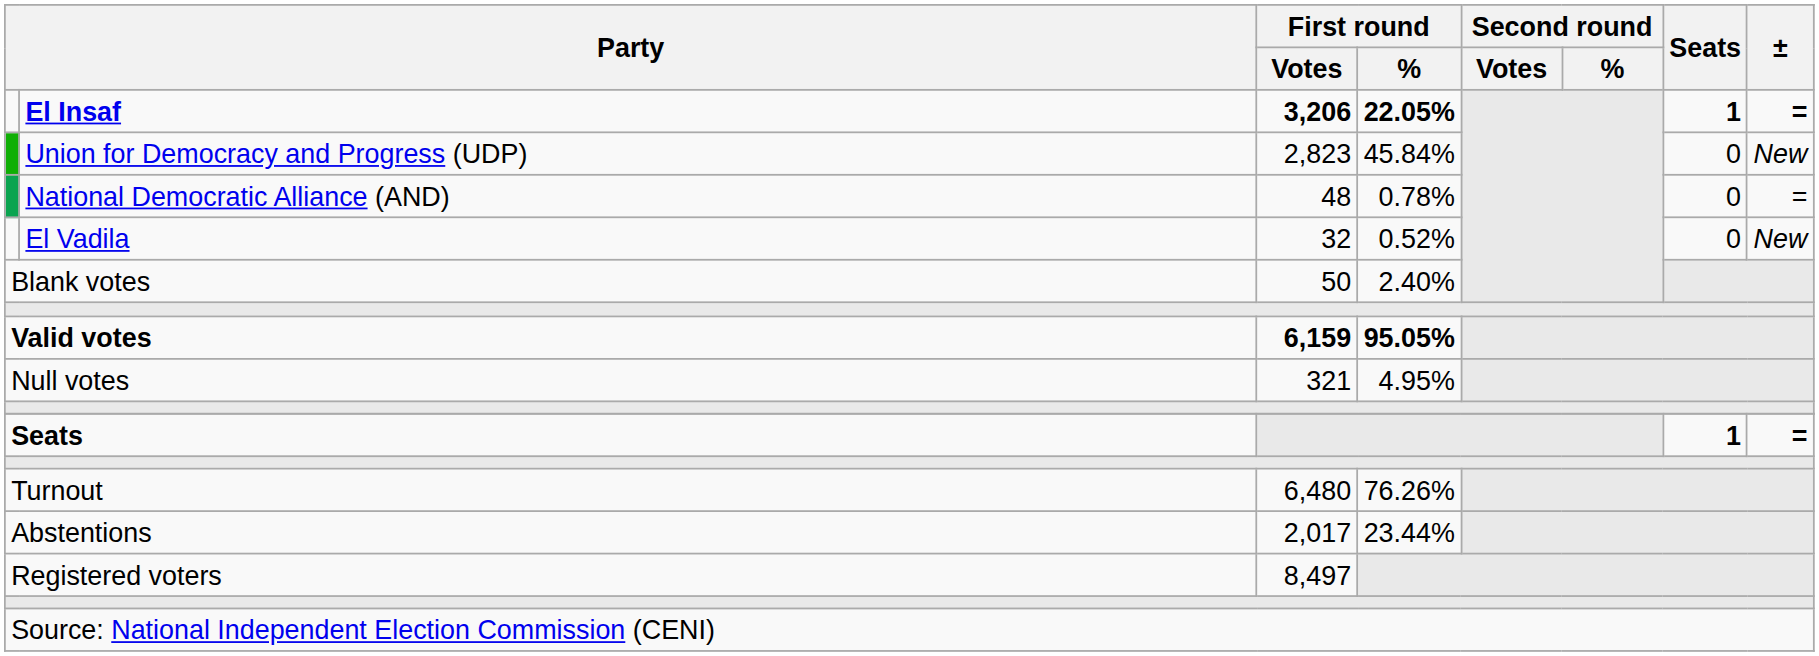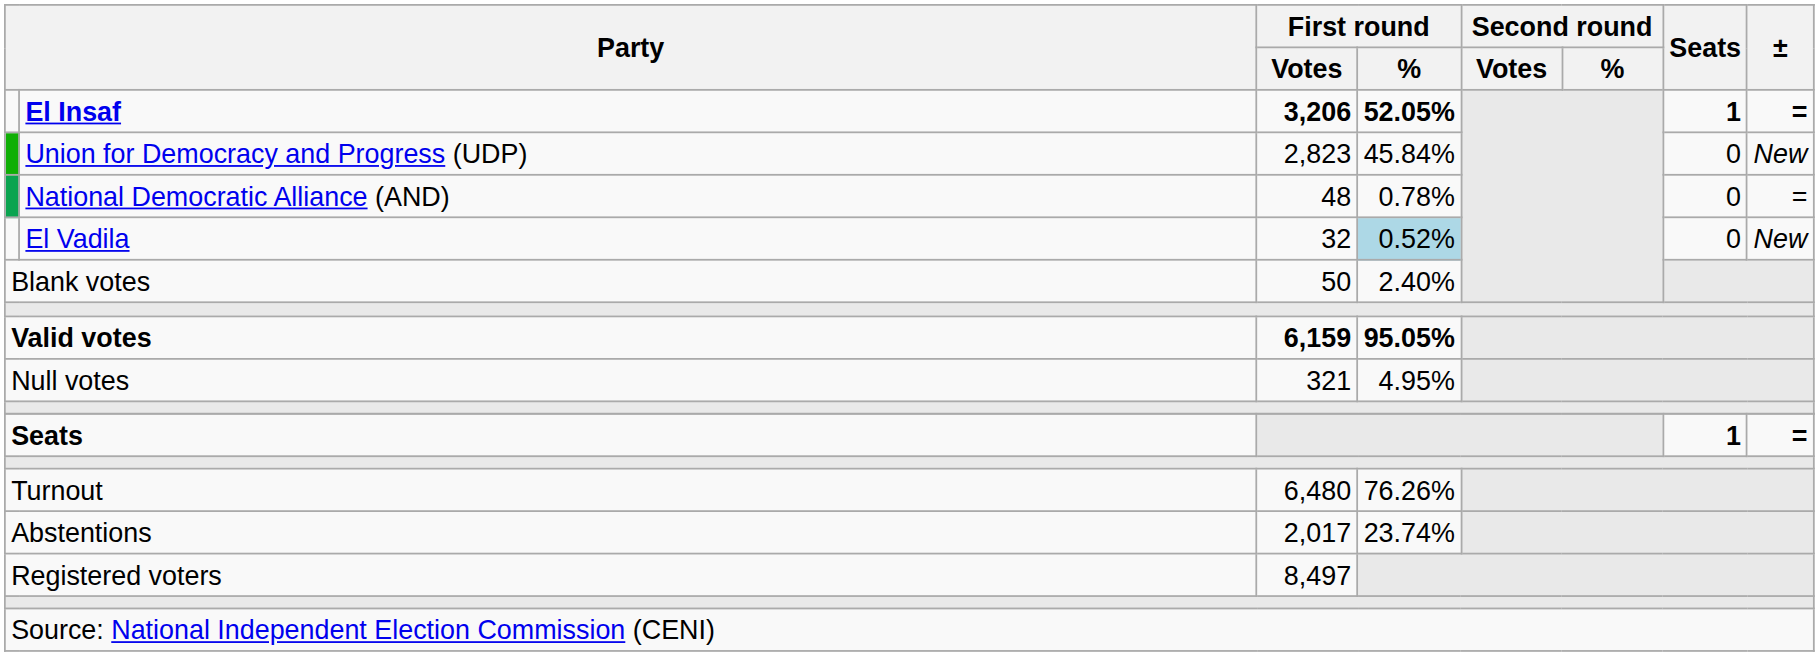 <table class="wikitable" style="text-align:right;font-size:95%;">
 <tr>
 <th rowspan="2" colspan="2" width="700">Party</th>
 <th colspan="2">First round</th>
 <th colspan="2">Second round</th>
 <th rowspan="2" width="25">Seats</th>
 <th rowspan="2" width="20">±</th>
 </tr>
 <tr>
 <th width="50">Votes</th>
 <th width="50">%</th>
 <th width="50">Votes</th>
 <th width="50">%</th>
 </tr>
 <tr>
 <td width="1" style="color:inherit;background:"></td>
 <td style="text-align:left;"><strong><a href='#'>El Insaf</a></strong></td>
 <td><strong>3,206</strong></td>
-<td><strong>22.05%</strong></td>
+<td><strong>52.05%</strong></td>
 <td colspan="2" rowspan="5" style="background:#E9E9E9;"></td>
 <td><strong>1</strong></td>
 <td><strong>=</strong></td>
 </tr>
 <tr>
 <td width="1" style="color:inherit;background:#0FAF05;"></td>
 <td style="text-align:left;"><a href='#'>Union for Democracy and Progress</a> (UDP)</td>
 <td>2,823</td>
 <td>45.84%</td>
 <td>0</td>
 <td><em>New</em></td>
 </tr>
 <tr>
 <td width="1" style="color:inherit;background:#0AA450;"></td>
 <td style="text-align:left;"><a href='#'>National Democratic Alliance</a> (AND)</td>
 <td>48</td>
 <td>0.78%</td>
 <td>0</td>
 <td>=</td>
 </tr>
 <tr>
 <td width="1" style="color:inherit;background:"></td>
 <td style="text-align:left;"><a href='#'>El Vadila</a></td>
 <td>32</td>
-<td>0.52%</td>
+<td style="background: lightblue;">0.52%</td>
 <td>0</td>
 <td><em>New</em></td>
 </tr>
 <tr>
 <td colspan="2" style="text-align:left;">Blank votes</td>
 <td>50</td>
 <td>2.40%</td>
 <td colspan="4" style="background:#E9E9E9;"></td>
 </tr>
 <tr>
 <td colspan="8" style="background:#E9E9E9;"></td>
 </tr>
 <tr style="font-weight:bold;">
 <td colspan="2" style="text-align:left;">Valid votes</td>
 <td>6,159</td>
 <td>95.05%</td>
 <td colspan="4" style="background:#E9E9E9;"></td>
 </tr>
 <tr>
 <td colspan="2" style="text-align:left;">Null votes</td>
 <td>321</td>
 <td>4.95%</td>
 <td colspan="4" style="background:#E9E9E9;"></td>
 </tr>
 <tr>
 <td colspan="8" style="background:#E9E9E9;"></td>
 </tr>
 <tr>
 </tr>
 <tr style="font-weight:bold;">
 <td colspan="2" style="text-align:left;">Seats</td>
 <td colspan="4" style="background:#E9E9E9;"></td>
 <td>1</td>
 <td>=</td>
 </tr>
 <tr>
 <td colspan="8" style="background:#E9E9E9;"></td>
 </tr>
 <tr>
 <td colspan="2" style="text-align:left;">Turnout</td>
 <td>6,480</td>
 <td>76.26%</td>
 <td colspan="4" style="background:#E9E9E9;"></td>
 </tr>
 <tr>
 <td colspan="2" style="text-align:left;">Abstentions</td>
 <td>2,017</td>
-<td>23.44%</td>
+<td>23.74%</td>
 <td colspan="4" style="background:#E9E9E9;"></td>
 </tr>
 <tr>
 <td colspan="2" style="text-align:left;">Registered voters</td>
 <td>8,497</td>
 <td colspan="5" style="background:#E9E9E9;"></td>
 </tr>
 <tr>
 <td colspan="8" style="background:#E9E9E9;"></td>
 </tr>
 <tr>
 <td colspan="8" style="text-align:left;">Source: <a href='#'>National Independent Election Commission</a> (CENI)</td>
 </tr>
 </table>
